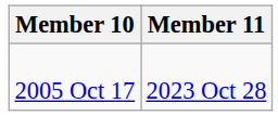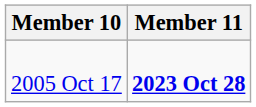 <table class=wikitable align=right>
 <tr>
 <th>Member 10</th>
 <th>Member 11</th>
 </tr>
 <tr>
 <td><br><a href='#'>2005 Oct 17</a></td>
-<td><br><a href='#'>2023 Oct 28</a></td>
+<td><strong><br><a href='#'>2023 Oct 28</a></strong></td>
 </tr>
 </table>
